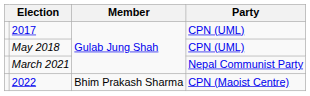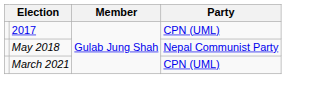 <table class="wikitable">
 <tr>
 <th colspan="2">Election</th>
 <th>Member</th>
 <th>Party</th>
 </tr>
 <tr>
 <td style="color:inherit;background:"></td>
 <td><a href='#'>2017</a></td>
 <td rowspan="3"><a href='#'>Gulab Jung Shah</a></td>
 <td><a href='#'>CPN (UML)</a></td>
 </tr>
 <tr>
 <td style="color:inherit;background:"></td>
 <td><em>May 2018</em></td>
-<td><a href='#'>CPN (UML)</a></td>
+<td><a href='#'>Nepal Communist Party</a></td>
 </tr>
 <tr>
 <td style="color:inherit;background:"></td>
 <td><em>March 2021</em></td>
-<td><a href='#'>Nepal Communist Party</a></td>
-</tr>
-<tr>
-<td style="color:inherit;background:"></td>
-<td><a href='#'>2022</a></td>
-<td>Bhim Prakash Sharma</td>
-<td><a href='#'>CPN (Maoist Centre)</a></td>
+<td><a href='#'>CPN (UML)</a></td>
 </tr>
 </table>
